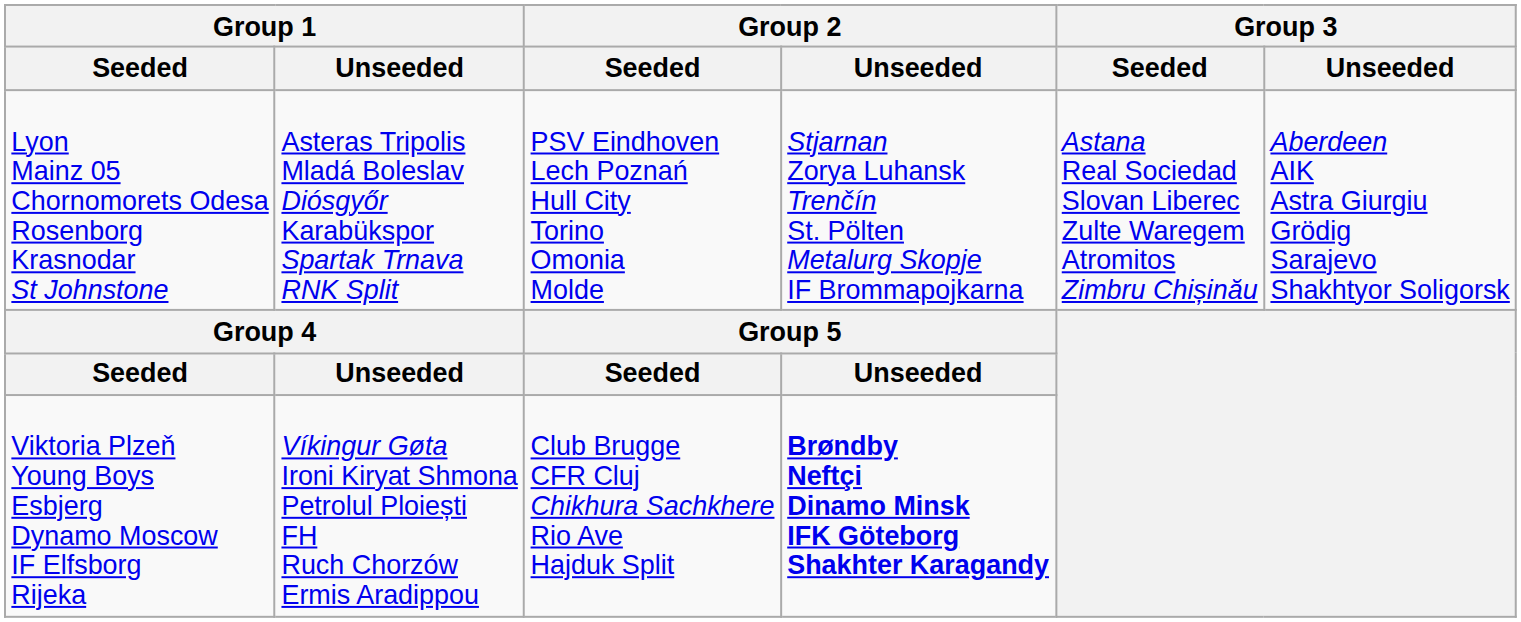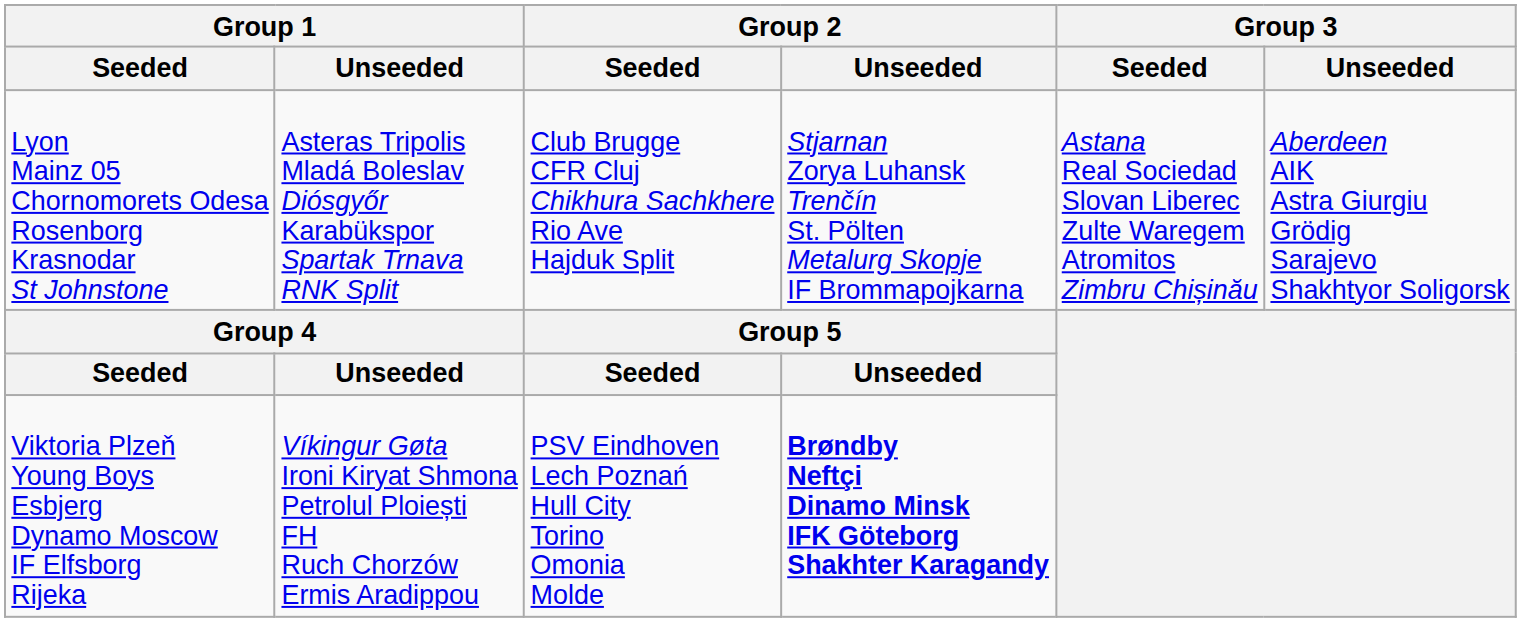 <table class="wikitable" style="font-size:85%">
 <tr>
 <th colspan=2>Group 1</th>
 <th colspan=2>Group 2</th>
 <th colspan=2>Group 3</th>
 </tr>
 <tr>
 <th>Seeded</th>
 <th>Unseeded</th>
 <th>Seeded</th>
 <th>Unseeded</th>
 <th>Seeded</th>
 <th>Unseeded</th>
 </tr>
 <tr>
 <td valign=top><br> <a href='#'>Lyon</a> <br>  <a href='#'>Mainz 05</a> <br>  <a href='#'>Chornomorets Odesa</a> <br>  <a href='#'>Rosenborg</a> <br>  <a href='#'>Krasnodar</a> <br>  <em><a href='#'>St Johnstone</a></em> </td>
 <td valign=top><br> <a href='#'>Asteras Tripolis</a> <br>  <a href='#'>Mladá Boleslav</a> <br>  <em><a href='#'>Diósgyőr</a></em> <br>  <a href='#'>Karabükspor</a> <br>  <em><a href='#'>Spartak Trnava</a></em> <br>  <em><a href='#'>RNK Split</a></em> </td>
-<td valign=top><br> <a href='#'>PSV Eindhoven</a> <br>  <a href='#'>Lech Poznań</a> <br>  <a href='#'>Hull City</a> <br>  <a href='#'>Torino</a> <br>  <a href='#'>Omonia</a> <br>  <a href='#'>Molde</a> </td>
+<td valign=top><br> <a href='#'>Club Brugge</a> <br>  <a href='#'>CFR Cluj</a> <br>  <em><a href='#'>Chikhura Sachkhere</a></em> <br>  <a href='#'>Rio Ave</a> <br>  <a href='#'>Hajduk Split</a> </td>
 <td valign=top><br> <em><a href='#'>Stjarnan</a></em> <br>  <a href='#'>Zorya Luhansk</a> <br>  <em><a href='#'>Trenčín</a></em> <br>  <a href='#'>St. Pölten</a> <br>  <em><a href='#'>Metalurg Skopje</a></em> <br>  <a href='#'>IF Brommapojkarna</a> </td>
 <td valign=top><br> <em><a href='#'>Astana</a></em> <br>  <a href='#'>Real Sociedad</a> <br>  <a href='#'>Slovan Liberec</a> <br>  <a href='#'>Zulte Waregem</a> <br>  <a href='#'>Atromitos</a> <br>  <em><a href='#'>Zimbru Chișinău</a></em> </td>
 <td valign=top><br> <em><a href='#'>Aberdeen</a></em> <br>  <a href='#'>AIK</a> <br>  <a href='#'>Astra Giurgiu</a> <br>  <a href='#'>Grödig</a> <br>  <a href='#'>Sarajevo</a> <br>  <a href='#'>Shakhtyor Soligorsk</a> </td>
 </tr>
 <tr>
 <th colspan=2>Group 4</th>
 <th colspan=2>Group 5</th>
 <th rowspan=3 colspan=2></th>
 </tr>
 <tr>
 <th>Seeded</th>
 <th>Unseeded</th>
 <th>Seeded</th>
 <th>Unseeded</th>
 </tr>
 <tr>
 <td valign=top><br> <a href='#'>Viktoria Plzeň</a> <br>  <a href='#'>Young Boys</a> <br>  <a href='#'>Esbjerg</a> <br>  <a href='#'>Dynamo Moscow</a> <br>  <a href='#'>IF Elfsborg</a> <br>  <a href='#'>Rijeka</a> </td>
 <td valign=top><br> <em><a href='#'>Víkingur Gøta</a></em> <br>  <a href='#'>Ironi Kiryat Shmona</a> <br>  <a href='#'>Petrolul Ploiești</a> <br>  <a href='#'>FH</a> <br>  <a href='#'>Ruch Chorzów</a> <br>  <a href='#'>Ermis Aradippou</a> </td>
-<td valign=top><br> <a href='#'>Club Brugge</a> <br>  <a href='#'>CFR Cluj</a> <br>  <em><a href='#'>Chikhura Sachkhere</a></em> <br>  <a href='#'>Rio Ave</a> <br>  <a href='#'>Hajduk Split</a> </td>
+<td valign=top><br> <a href='#'>PSV Eindhoven</a> <br>  <a href='#'>Lech Poznań</a> <br>  <a href='#'>Hull City</a> <br>  <a href='#'>Torino</a> <br>  <a href='#'>Omonia</a> <br>  <a href='#'>Molde</a> </td>
 <td valign=top><strong><br> <a href='#'>Brøndby</a> <br>  <a href='#'>Neftçi</a> <br>  <a href='#'>Dinamo Minsk</a> <br>  <a href='#'>IFK Göteborg</a> <br>  <a href='#'>Shakhter Karagandy</a> </strong></td>
 </tr>
 </table>
